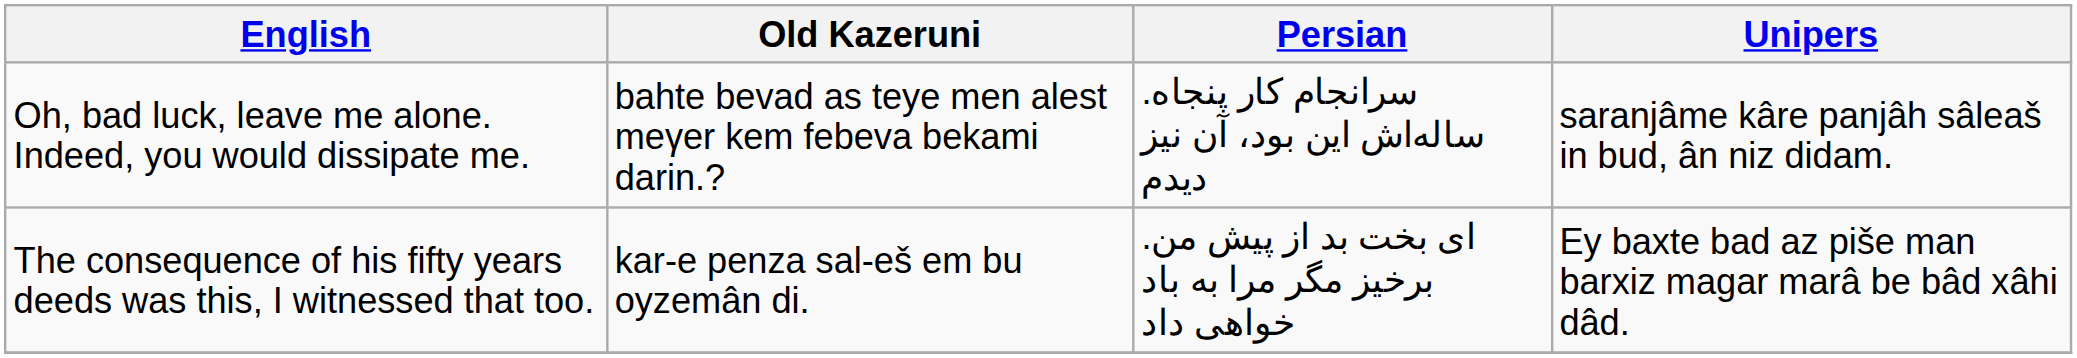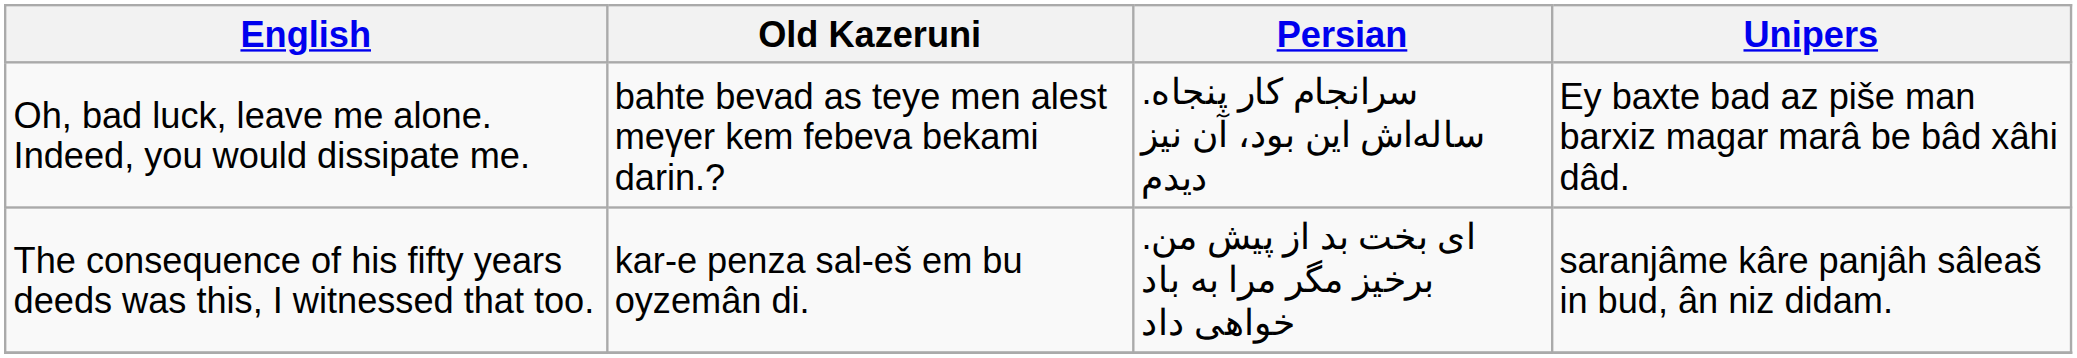 <table class="wikitable" style="font-size: 95%">
 <tr>
 <th><a href='#'>English</a></th>
 <th>Old Kazeruni</th>
 <th><a href='#'>Persian</a></th>
 <th><a href='#'>Unipers</a></th>
 </tr>
 <tr>
 <td>Oh, bad luck, leave me alone. Indeed, you would dissipate me.</td>
 <td>bahte bevad as teye men alest meγer kem febeva bekami darin.?</td>
 <td>.سرانجام کار پنجاه ساله‌اش این بود، آن نیز دیدم</td>
-<td>saranjâme kâre panjâh sâleaš in bud, ân niz didam.</td>
+<td>Ey baxte bad az piše man barxiz magar marâ be bâd xâhi dâd.</td>
 </tr>
 <tr>
 <td>The consequence of his fifty years deeds was this, I witnessed that too.</td>
 <td>kar-e penza sal-eš em bu oyzemân di.</td>
 <td>.ای بخت بد از پیش من برخیز مگر مرا به باد خواهی داد</td>
-<td>Ey baxte bad az piše man barxiz magar marâ be bâd xâhi dâd.</td>
+<td>saranjâme kâre panjâh sâleaš in bud, ân niz didam.</td>
 </tr>
 <tr>
 </tr>
 </table>
